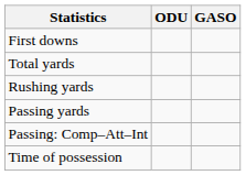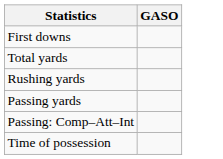 <table class="wikitable" style="float: left;">
 <tr>
 <th>Statistics</th>
-<th>ODU</th>
 <th>GASO</th>
 </tr>
 <tr>
 <td>First downs</td>
 <td></td>
-<td></td>
 </tr>
 <tr>
 <td>Total yards</td>
-<td></td>
 <td></td>
 </tr>
 <tr>
 <td>Rushing yards</td>
 <td></td>
-<td></td>
 </tr>
 <tr>
 <td>Passing yards</td>
-<td></td>
 <td></td>
 </tr>
 <tr>
 <td>Passing: Comp–Att–Int</td>
 <td></td>
-<td></td>
 </tr>
 <tr>
 <td>Time of possession</td>
 <td></td>
-<td></td>
 </tr>
 </table>
